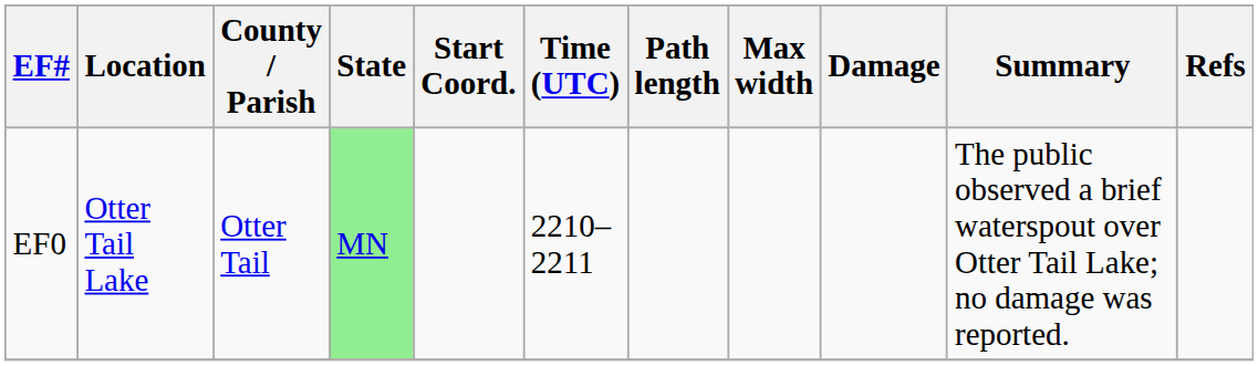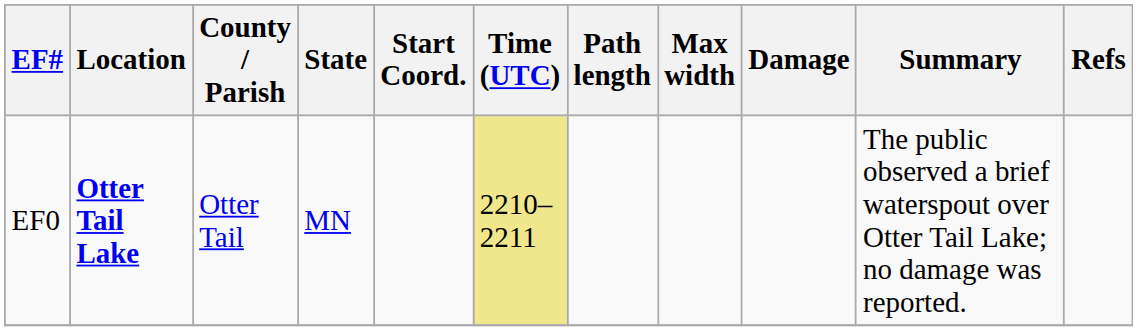 <table class="wikitable sortable" style="width:100%;">
 <tr>
 <th scope="col" width="3%" align="center"><a href='#'>EF#</a></th>
 <th scope="col" width="7%" align="center" class="unsortable">Location</th>
 <th scope="col" width="6%" align="center" class="unsortable">County / Parish</th>
 <th scope="col" width="5%" align="center">State</th>
 <th scope="col" width="6%" align="center">Start Coord.</th>
 <th scope="col" width="6%" align="center">Time (<a href='#'>UTC</a>)</th>
 <th scope="col" width="6%" align="center">Path length</th>
 <th scope="col" width="6%" align="center">Max width</th>
 <th scope="col" width="6%" align="center">Damage</th>
 <th scope="col" width="48%" class="unsortable" align="center">Summary</th>
 <th scope="col" width="48%" class="unsortable" align="center">Refs</th>
 </tr>
 <tr>
 <td>EF0</td>
-<td><a href='#'>Otter Tail Lake</a></td>
+<td><strong><a href='#'>Otter Tail Lake</a></strong></td>
 <td><a href='#'>Otter Tail</a></td>
-<td style="background: lightgreen;"><a href='#'>MN</a></td>
+<td><a href='#'>MN</a></td>
 <td></td>
-<td>2210–2211</td>
+<td style="background: khaki;">2210–2211</td>
 <td></td>
 <td></td>
 <td></td>
 <td>The public observed a brief waterspout over Otter Tail Lake; no damage was reported.</td>
 <td></td>
 </tr>
 <tr>
 </tr>
 </table>
